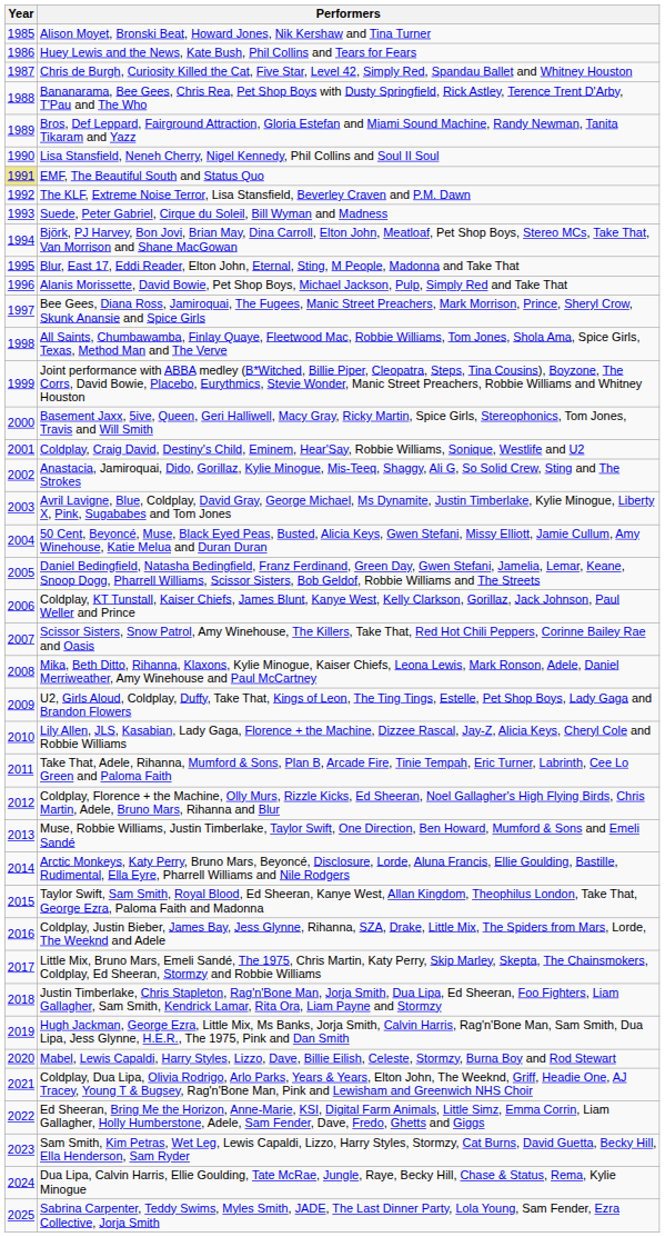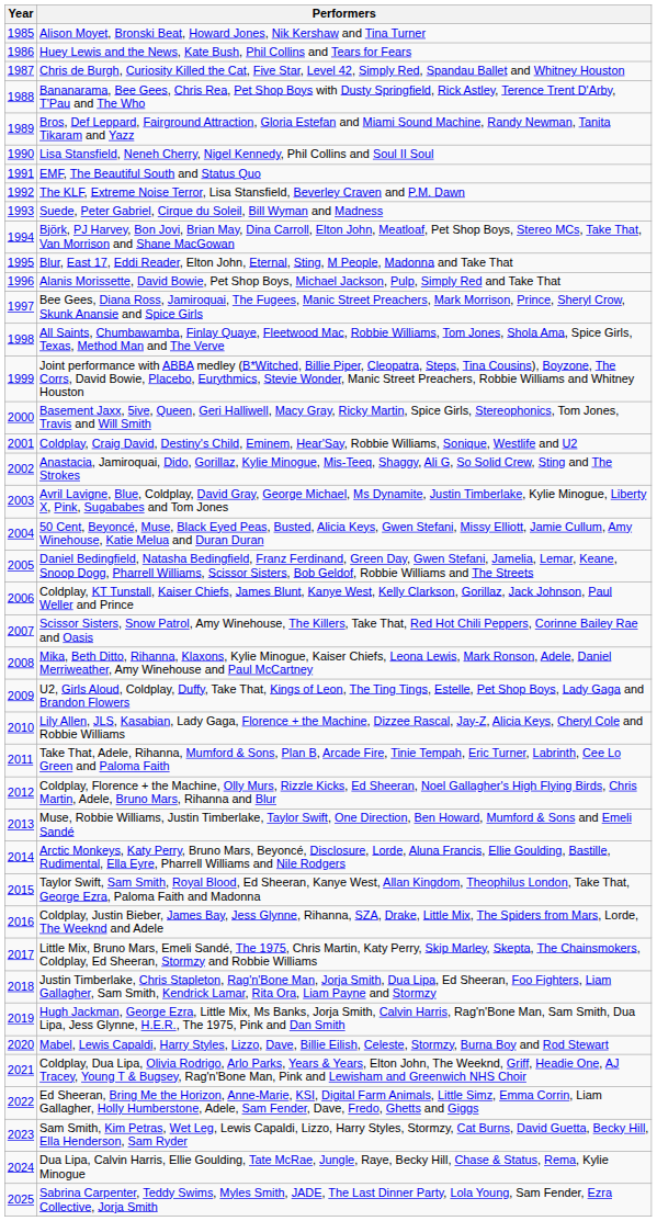 <table class="wikitable">
 <tr>
 <th>Year</th>
 <th>Performers</th>
 </tr>
 <tr>
 <td><a href='#'>1985</a></td>
 <td><a href='#'>Alison Moyet</a>, <a href='#'>Bronski Beat</a>, <a href='#'>Howard Jones</a>, <a href='#'>Nik Kershaw</a> and <a href='#'>Tina Turner</a></td>
 </tr>
 <tr>
 <td><a href='#'>1986</a></td>
 <td><a href='#'>Huey Lewis and the News</a>, <a href='#'>Kate Bush</a>, <a href='#'>Phil Collins</a> and <a href='#'>Tears for Fears</a></td>
 </tr>
 <tr>
 <td><a href='#'>1987</a></td>
 <td><a href='#'>Chris de Burgh</a>, <a href='#'>Curiosity Killed the Cat</a>, <a href='#'>Five Star</a>, <a href='#'>Level 42</a>, <a href='#'>Simply Red</a>, <a href='#'>Spandau Ballet</a> and <a href='#'>Whitney Houston</a></td>
 </tr>
 <tr>
 <td><a href='#'>1988</a></td>
 <td><a href='#'>Bananarama</a>, <a href='#'>Bee Gees</a>, <a href='#'>Chris Rea</a>, <a href='#'>Pet Shop Boys</a> with <a href='#'>Dusty Springfield</a>, <a href='#'>Rick Astley</a>, <a href='#'>Terence Trent D'Arby</a>, <a href='#'>T'Pau</a> and <a href='#'>The Who</a></td>
 </tr>
 <tr>
 <td><a href='#'>1989</a></td>
 <td><a href='#'>Bros</a>, <a href='#'>Def Leppard</a>, <a href='#'>Fairground Attraction</a>, <a href='#'>Gloria Estefan</a> and <a href='#'>Miami Sound Machine</a>, <a href='#'>Randy Newman</a>, <a href='#'>Tanita Tikaram</a> and <a href='#'>Yazz</a></td>
 </tr>
 <tr>
 <td><a href='#'>1990</a></td>
 <td><a href='#'>Lisa Stansfield</a>, <a href='#'>Neneh Cherry</a>, <a href='#'>Nigel Kennedy</a>, Phil Collins and <a href='#'>Soul II Soul</a></td>
 </tr>
 <tr>
-<td style="background: khaki;"><a href='#'>1991</a></td>
+<td><a href='#'>1991</a></td>
 <td><a href='#'>EMF</a>, <a href='#'>The Beautiful South</a> and <a href='#'>Status Quo</a></td>
 </tr>
 <tr>
 <td><a href='#'>1992</a></td>
 <td><a href='#'>The KLF</a>, <a href='#'>Extreme Noise Terror</a>, Lisa Stansfield, <a href='#'>Beverley Craven</a> and <a href='#'>P.M. Dawn</a></td>
 </tr>
 <tr>
 <td><a href='#'>1993</a></td>
 <td><a href='#'>Suede</a>, <a href='#'>Peter Gabriel</a>, <a href='#'>Cirque du Soleil</a>, <a href='#'>Bill Wyman</a> and <a href='#'>Madness</a></td>
 </tr>
 <tr>
 <td><a href='#'>1994</a></td>
 <td><a href='#'>Björk</a>, <a href='#'>PJ Harvey</a>, <a href='#'>Bon Jovi</a>, <a href='#'>Brian May</a>, <a href='#'>Dina Carroll</a>, <a href='#'>Elton John</a>, <a href='#'>Meatloaf</a>, Pet Shop Boys, <a href='#'>Stereo MCs</a>, <a href='#'>Take That</a>, <a href='#'>Van Morrison</a> and <a href='#'>Shane MacGowan</a></td>
 </tr>
 <tr>
 <td><a href='#'>1995</a></td>
 <td><a href='#'>Blur</a>, <a href='#'>East 17</a>, <a href='#'>Eddi Reader</a>, Elton John, <a href='#'>Eternal</a>, <a href='#'>Sting</a>, <a href='#'>M People</a>, <a href='#'>Madonna</a> and Take That</td>
 </tr>
 <tr>
 <td><a href='#'>1996</a></td>
 <td><a href='#'>Alanis Morissette</a>, <a href='#'>David Bowie</a>, Pet Shop Boys, <a href='#'>Michael Jackson</a>, <a href='#'>Pulp</a>, <a href='#'>Simply Red</a> and Take That</td>
 </tr>
 <tr>
 <td><a href='#'>1997</a></td>
 <td>Bee Gees, <a href='#'>Diana Ross</a>, <a href='#'>Jamiroquai</a>, <a href='#'>The Fugees</a>, <a href='#'>Manic Street Preachers</a>, <a href='#'>Mark Morrison</a>, <a href='#'>Prince</a>, <a href='#'>Sheryl Crow</a>, <a href='#'>Skunk Anansie</a> and <a href='#'>Spice Girls</a></td>
 </tr>
 <tr>
 <td><a href='#'>1998</a></td>
 <td><a href='#'>All Saints</a>, <a href='#'>Chumbawamba</a>, <a href='#'>Finlay Quaye</a>, <a href='#'>Fleetwood Mac</a>, <a href='#'>Robbie Williams</a>, <a href='#'>Tom Jones</a>, <a href='#'>Shola Ama</a>, Spice Girls, <a href='#'>Texas</a>, <a href='#'>Method Man</a> and <a href='#'>The Verve</a></td>
 </tr>
 <tr>
 <td><a href='#'>1999</a></td>
 <td>Joint performance with <a href='#'>ABBA</a> medley (<a href='#'>B*Witched</a>, <a href='#'>Billie Piper</a>, <a href='#'>Cleopatra</a>, <a href='#'>Steps</a>, <a href='#'>Tina Cousins</a>), <a href='#'>Boyzone</a>, <a href='#'>The Corrs</a>, David Bowie, <a href='#'>Placebo</a>, <a href='#'>Eurythmics</a>, <a href='#'>Stevie Wonder</a>, Manic Street Preachers, Robbie Williams and Whitney Houston</td>
 </tr>
 <tr>
 <td><a href='#'>2000</a></td>
 <td><a href='#'>Basement Jaxx</a>, <a href='#'>5ive</a>, <a href='#'>Queen</a>, <a href='#'>Geri Halliwell</a>, <a href='#'>Macy Gray</a>, <a href='#'>Ricky Martin</a>, Spice Girls, <a href='#'>Stereophonics</a>, Tom Jones, <a href='#'>Travis</a> and <a href='#'>Will Smith</a></td>
 </tr>
 <tr>
 <td><a href='#'>2001</a></td>
 <td><a href='#'>Coldplay</a>, <a href='#'>Craig David</a>, <a href='#'>Destiny's Child</a>, <a href='#'>Eminem</a>, <a href='#'>Hear'Say</a>, Robbie Williams, <a href='#'>Sonique</a>, <a href='#'>Westlife</a> and <a href='#'>U2</a></td>
 </tr>
 <tr>
 <td><a href='#'>2002</a></td>
 <td><a href='#'>Anastacia</a>, Jamiroquai, <a href='#'>Dido</a>, <a href='#'>Gorillaz</a>, <a href='#'>Kylie Minogue</a>, <a href='#'>Mis-Teeq</a>, <a href='#'>Shaggy</a>, <a href='#'>Ali G</a>, <a href='#'>So Solid Crew</a>, <a href='#'>Sting</a> and <a href='#'>The Strokes</a></td>
 </tr>
 <tr>
 <td><a href='#'>2003</a></td>
 <td><a href='#'>Avril Lavigne</a>, <a href='#'>Blue</a>, Coldplay, <a href='#'>David Gray</a>, <a href='#'>George Michael</a>, <a href='#'>Ms Dynamite</a>, <a href='#'>Justin Timberlake</a>, Kylie Minogue, <a href='#'>Liberty X</a>, <a href='#'>Pink</a>, <a href='#'>Sugababes</a> and Tom Jones</td>
 </tr>
 <tr>
 <td><a href='#'>2004</a></td>
 <td><a href='#'>50 Cent</a>, <a href='#'>Beyoncé</a>, <a href='#'>Muse</a>, <a href='#'>Black Eyed Peas</a>, <a href='#'>Busted</a>, <a href='#'>Alicia Keys</a>, <a href='#'>Gwen Stefani</a>, <a href='#'>Missy Elliott</a>, <a href='#'>Jamie Cullum</a>, <a href='#'>Amy Winehouse</a>, <a href='#'>Katie Melua</a> and <a href='#'>Duran Duran</a></td>
 </tr>
 <tr>
 <td><a href='#'>2005</a></td>
 <td><a href='#'>Daniel Bedingfield</a>, <a href='#'>Natasha Bedingfield</a>, <a href='#'>Franz Ferdinand</a>, <a href='#'>Green Day</a>, <a href='#'>Gwen Stefani</a>, <a href='#'>Jamelia</a>, <a href='#'>Lemar</a>, <a href='#'>Keane</a>, <a href='#'>Snoop Dogg</a>, <a href='#'>Pharrell Williams</a>, <a href='#'>Scissor Sisters</a>, <a href='#'>Bob Geldof</a>, Robbie Williams and <a href='#'>The Streets</a></td>
 </tr>
 <tr>
 <td><a href='#'>2006</a></td>
 <td>Coldplay, <a href='#'>KT Tunstall</a>, <a href='#'>Kaiser Chiefs</a>, <a href='#'>James Blunt</a>, <a href='#'>Kanye West</a>, <a href='#'>Kelly Clarkson</a>, <a href='#'>Gorillaz</a>, <a href='#'>Jack Johnson</a>, <a href='#'>Paul Weller</a> and Prince</td>
 </tr>
 <tr>
 <td><a href='#'>2007</a></td>
 <td><a href='#'>Scissor Sisters</a>, <a href='#'>Snow Patrol</a>, Amy Winehouse, <a href='#'>The Killers</a>, Take That, <a href='#'>Red Hot Chili Peppers</a>, <a href='#'>Corinne Bailey Rae</a> and <a href='#'>Oasis</a></td>
 </tr>
 <tr>
 <td><a href='#'>2008</a></td>
 <td><a href='#'>Mika</a>, <a href='#'>Beth Ditto</a>, <a href='#'>Rihanna</a>, <a href='#'>Klaxons</a>, Kylie Minogue, Kaiser Chiefs, <a href='#'>Leona Lewis</a>, <a href='#'>Mark Ronson</a>, <a href='#'>Adele</a>, <a href='#'>Daniel Merriweather</a>, Amy Winehouse and <a href='#'>Paul McCartney</a></td>
 </tr>
 <tr>
 <td><a href='#'>2009</a></td>
 <td>U2, <a href='#'>Girls Aloud</a>, Coldplay, <a href='#'>Duffy</a>, Take That, <a href='#'>Kings of Leon</a>, <a href='#'>The Ting Tings</a>, <a href='#'>Estelle</a>, <a href='#'>Pet Shop Boys</a>, <a href='#'>Lady Gaga</a> and <a href='#'>Brandon Flowers</a></td>
 </tr>
 <tr>
 <td><a href='#'>2010</a></td>
 <td><a href='#'>Lily Allen</a>, <a href='#'>JLS</a>, <a href='#'>Kasabian</a>, Lady Gaga, <a href='#'>Florence + the Machine</a>, <a href='#'>Dizzee Rascal</a>, <a href='#'>Jay-Z</a>, <a href='#'>Alicia Keys</a>, <a href='#'>Cheryl Cole</a> and Robbie Williams</td>
 </tr>
 <tr>
 <td><a href='#'>2011</a></td>
 <td>Take That, Adele, Rihanna, <a href='#'>Mumford & Sons</a>, <a href='#'>Plan B</a>, <a href='#'>Arcade Fire</a>, <a href='#'>Tinie Tempah</a>, <a href='#'>Eric Turner</a>, <a href='#'>Labrinth</a>, <a href='#'>Cee Lo Green</a> and <a href='#'>Paloma Faith</a></td>
 </tr>
 <tr>
 <td><a href='#'>2012</a></td>
 <td>Coldplay, Florence + the Machine, <a href='#'>Olly Murs</a>, <a href='#'>Rizzle Kicks</a>, <a href='#'>Ed Sheeran</a>, <a href='#'>Noel Gallagher's High Flying Birds</a>, <a href='#'>Chris Martin</a>, Adele, <a href='#'>Bruno Mars</a>, Rihanna and <a href='#'>Blur</a></td>
 </tr>
 <tr>
 <td><a href='#'>2013</a></td>
 <td>Muse, Robbie Williams, Justin Timberlake, <a href='#'>Taylor Swift</a>, <a href='#'>One Direction</a>, <a href='#'>Ben Howard</a>, <a href='#'>Mumford & Sons</a> and <a href='#'>Emeli Sandé</a></td>
 </tr>
 <tr>
 <td><a href='#'>2014</a></td>
 <td><a href='#'>Arctic Monkeys</a>, <a href='#'>Katy Perry</a>, Bruno Mars, Beyoncé, <a href='#'>Disclosure</a>, <a href='#'>Lorde</a>, <a href='#'>Aluna Francis</a>, <a href='#'>Ellie Goulding</a>, <a href='#'>Bastille</a>, <a href='#'>Rudimental</a>, <a href='#'>Ella Eyre</a>, Pharrell Williams and <a href='#'>Nile Rodgers</a></td>
 </tr>
 <tr>
 <td><a href='#'>2015</a></td>
 <td>Taylor Swift, <a href='#'>Sam Smith</a>, <a href='#'>Royal Blood</a>, Ed Sheeran, Kanye West, <a href='#'>Allan Kingdom</a>, <a href='#'>Theophilus London</a>, Take That, <a href='#'>George Ezra</a>, Paloma Faith and Madonna</td>
 </tr>
 <tr>
 <td><a href='#'>2016</a></td>
 <td>Coldplay, Justin Bieber, <a href='#'>James Bay</a>, <a href='#'>Jess Glynne</a>, Rihanna, <a href='#'>SZA</a>, <a href='#'>Drake</a>, <a href='#'>Little Mix</a>, <a href='#'>The Spiders from Mars</a>, Lorde, <a href='#'>The Weeknd</a> and Adele</td>
 </tr>
 <tr>
 <td><a href='#'>2017</a></td>
 <td>Little Mix, Bruno Mars, Emeli Sandé, <a href='#'>The 1975</a>, Chris Martin, Katy Perry, <a href='#'>Skip Marley</a>, <a href='#'>Skepta</a>, <a href='#'>The Chainsmokers</a>, Coldplay, Ed Sheeran, <a href='#'>Stormzy</a> and Robbie Williams</td>
 </tr>
 <tr>
 <td><a href='#'>2018</a></td>
 <td>Justin Timberlake, <a href='#'>Chris Stapleton</a>, <a href='#'>Rag'n'Bone Man</a>, <a href='#'>Jorja Smith</a>, <a href='#'>Dua Lipa</a>, Ed Sheeran, <a href='#'>Foo Fighters</a>, <a href='#'>Liam Gallagher</a>, Sam Smith, <a href='#'>Kendrick Lamar</a>, <a href='#'>Rita Ora</a>, <a href='#'>Liam Payne</a> and <a href='#'>Stormzy</a></td>
 </tr>
 <tr>
 <td><a href='#'>2019</a></td>
 <td><a href='#'>Hugh Jackman</a>, <a href='#'>George Ezra</a>, Little Mix, Ms Banks, Jorja Smith, <a href='#'>Calvin Harris</a>, Rag'n'Bone Man, Sam Smith, Dua Lipa, Jess Glynne, <a href='#'>H.E.R.</a>, The 1975, Pink and <a href='#'>Dan Smith</a></td>
 </tr>
 <tr>
 <td><a href='#'>2020</a></td>
 <td><a href='#'>Mabel</a>, <a href='#'>Lewis Capaldi</a>, <a href='#'>Harry Styles</a>, <a href='#'>Lizzo</a>, <a href='#'>Dave</a>, <a href='#'>Billie Eilish</a>, <a href='#'>Celeste</a>, <a href='#'>Stormzy</a>, <a href='#'>Burna Boy</a> and <a href='#'>Rod Stewart</a></td>
 </tr>
 <tr>
 <td><a href='#'>2021</a></td>
 <td>Coldplay, Dua Lipa, <a href='#'>Olivia Rodrigo</a>, <a href='#'>Arlo Parks</a>, <a href='#'>Years & Years</a>, Elton John, The Weeknd, <a href='#'>Griff</a>, <a href='#'>Headie One</a>, <a href='#'>AJ Tracey</a>, <a href='#'>Young T & Bugsey</a>, Rag'n'Bone Man, Pink and <a href='#'>Lewisham and Greenwich NHS Choir</a></td>
 </tr>
 <tr>
 <td><a href='#'>2022</a></td>
 <td>Ed Sheeran, <a href='#'>Bring Me the Horizon</a>, <a href='#'>Anne-Marie</a>, <a href='#'>KSI</a>, <a href='#'>Digital Farm Animals</a>, <a href='#'>Little Simz</a>, <a href='#'>Emma Corrin</a>, Liam Gallagher, <a href='#'>Holly Humberstone</a>, Adele, <a href='#'>Sam Fender</a>, Dave, <a href='#'>Fredo</a>, <a href='#'>Ghetts</a> and <a href='#'>Giggs</a></td>
 </tr>
 <tr>
 <td><a href='#'>2023</a></td>
 <td>Sam Smith, <a href='#'>Kim Petras</a>, <a href='#'>Wet Leg</a>, Lewis Capaldi, Lizzo, Harry Styles, Stormzy, <a href='#'>Cat Burns</a>, <a href='#'>David Guetta</a>, <a href='#'>Becky Hill</a>, <a href='#'>Ella Henderson</a>, <a href='#'>Sam Ryder</a></td>
 </tr>
 <tr>
 <td><a href='#'>2024</a></td>
 <td>Dua Lipa, Calvin Harris, Ellie Goulding, <a href='#'>Tate McRae</a>, <a href='#'>Jungle</a>, Raye, Becky Hill, <a href='#'>Chase & Status</a>, <a href='#'>Rema</a>, Kylie Minogue</td>
 </tr>
 <tr>
 <td><a href='#'>2025</a></td>
 <td><a href='#'>Sabrina Carpenter</a>, <a href='#'>Teddy Swims</a>, <a href='#'>Myles Smith</a>, <a href='#'>JADE</a>, <a href='#'>The Last Dinner Party</a>, <a href='#'>Lola Young</a>, Sam Fender, <a href='#'>Ezra Collective</a>, <a href='#'>Jorja Smith</a></td>
 </tr>
 </table>
